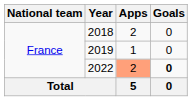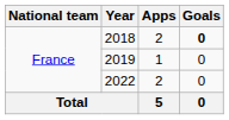 <table class="wikitable" style="text-align:center">
 <tr>
 <th>National team</th>
 <th>Year</th>
 <th>Apps</th>
 <th>Goals</th>
 </tr>
 <tr>
 <td rowspan="3"><a href='#'>France</a></td>
 <td>2018</td>
 <td>2</td>
-<td>0</td>
+<td><strong>0</strong></td>
 </tr>
 <tr>
 <td>2019</td>
 <td>1</td>
 <td>0</td>
 </tr>
 <tr>
 <td>2022</td>
-<td style="background: lightsalmon;">2</td>
-<td><strong>0</strong></td>
+<td>2</td>
+<td>0</td>
 </tr>
 <tr>
 <th colspan="2">Total</th>
 <th>5</th>
 <th>0</th>
 </tr>
 </table>
